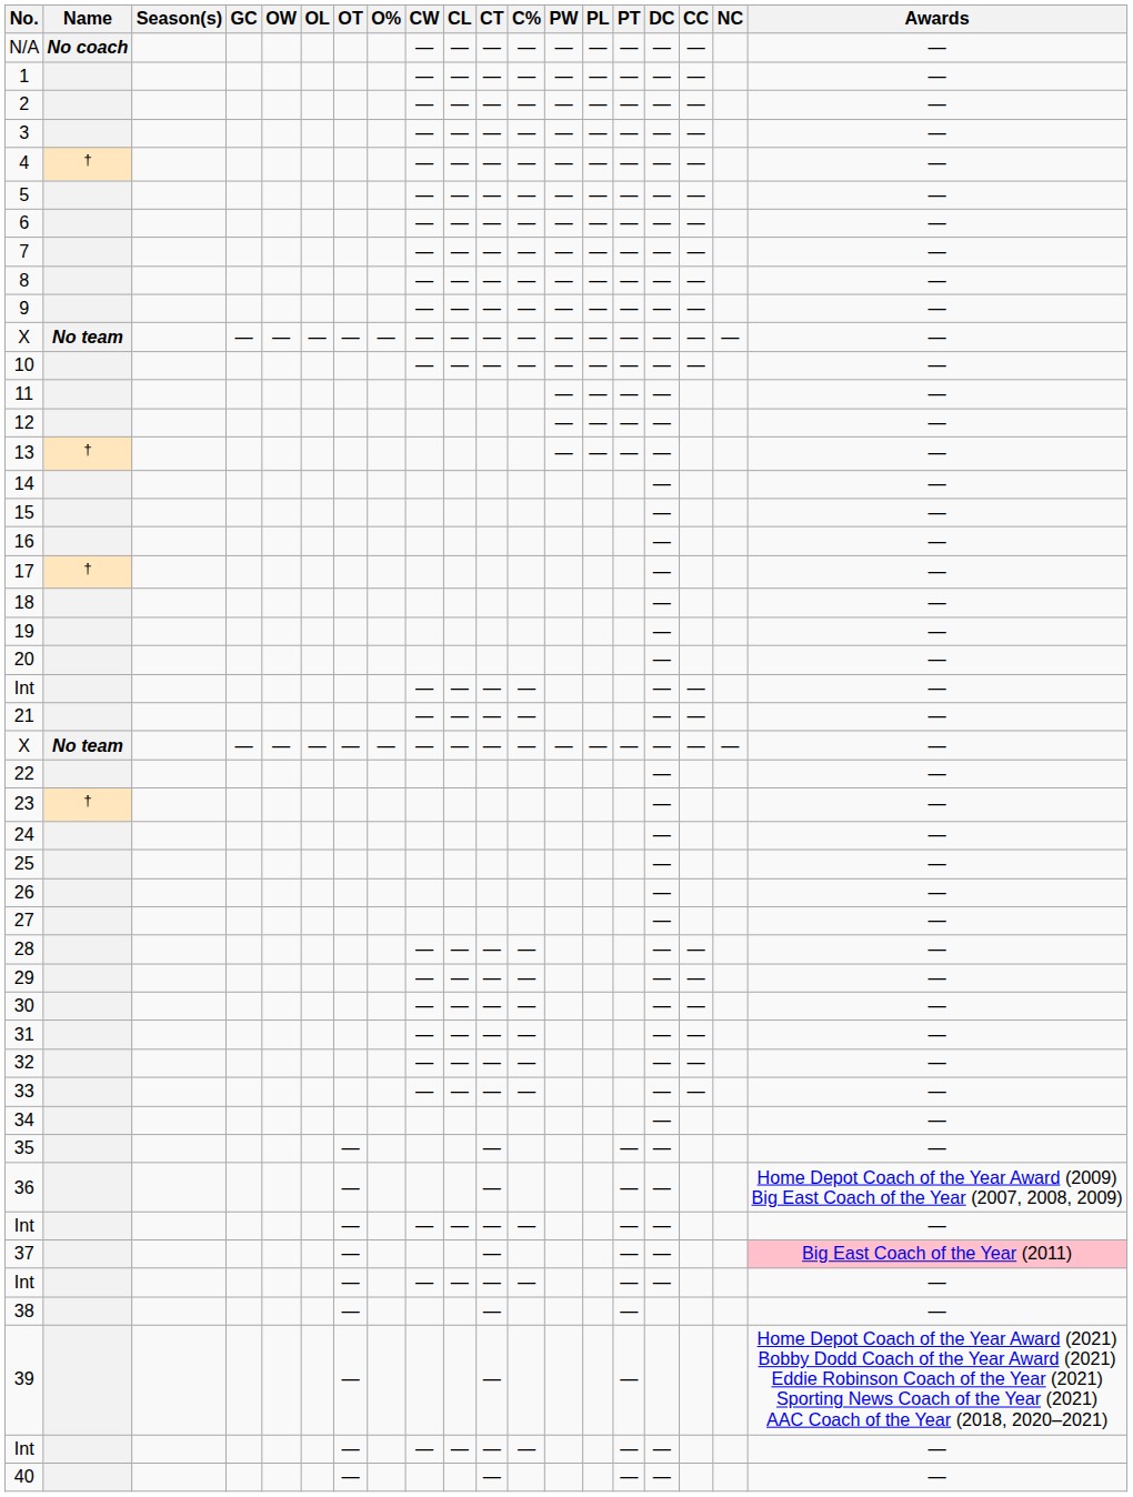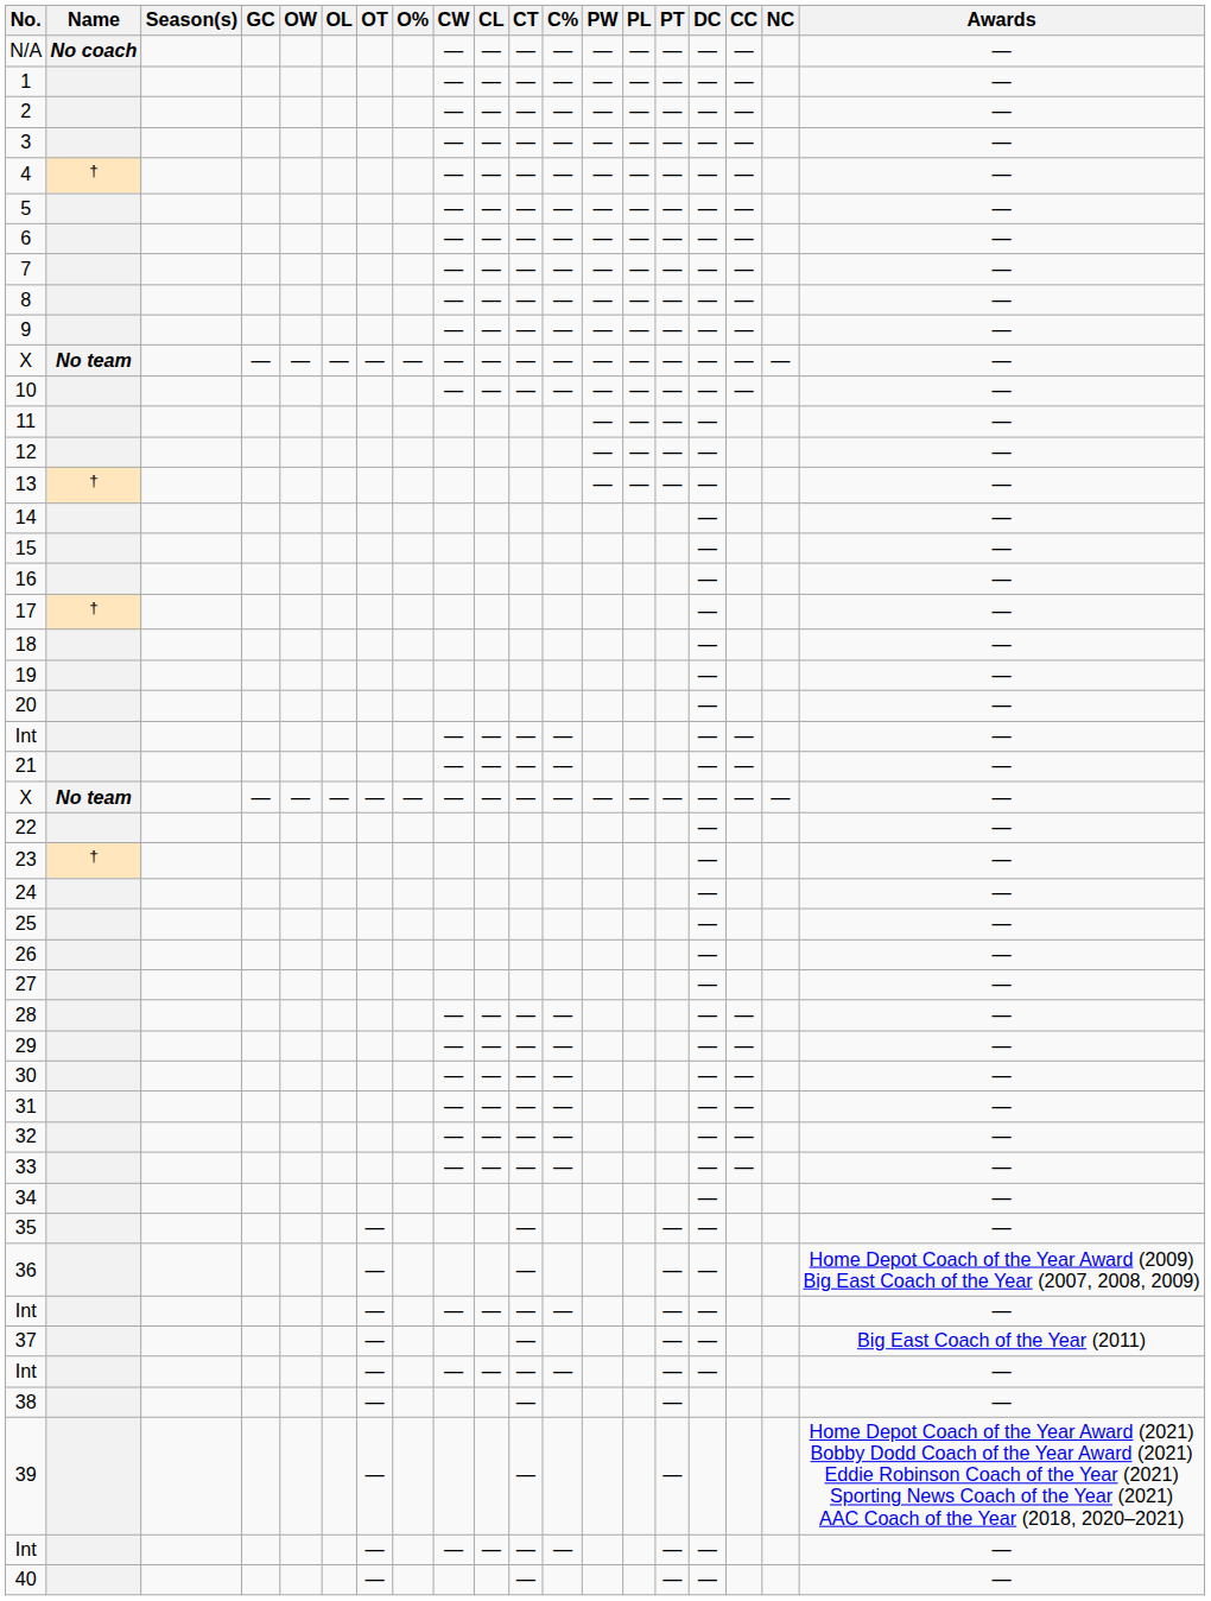 <table class="wikitable sortable" style="text-align:center">
 <tr>
 <th scope="col" class="unsortable">No.</th>
 <th scope="col">Name</th>
 <th scope="col">Season(s)</th>
 <th scope="col">GC</th>
 <th scope="col">OW</th>
 <th scope="col">OL</th>
 <th scope="col">OT</th>
 <th scope="col">O%</th>
 <th scope="col">CW</th>
 <th scope="col">CL</th>
 <th scope="col">CT</th>
 <th scope="col">C%</th>
 <th scope="col">PW</th>
 <th scope="col">PL</th>
 <th scope="col">PT</th>
 <th scope="col">DC</th>
 <th scope="col">CC</th>
 <th scope="col">NC</th>
 <th scope="col" class="unsortable">Awards</th>
 </tr>
 <tr>
 <td>N/A</td>
 <th scope="row"><em>No coach</em></th>
 <td></td>
 <td></td>
 <td></td>
 <td></td>
 <td></td>
 <td></td>
 <td>—</td>
 <td>—</td>
 <td>—</td>
 <td>—</td>
 <td>—</td>
 <td>—</td>
 <td>—</td>
 <td>—</td>
 <td>—</td>
 <td></td>
 <td>—</td>
 </tr>
 <tr>
 <td>1</td>
 <th scope="row"></th>
 <td></td>
 <td></td>
 <td></td>
 <td></td>
 <td></td>
 <td></td>
 <td>—</td>
 <td>—</td>
 <td>—</td>
 <td>—</td>
 <td>—</td>
 <td>—</td>
 <td>—</td>
 <td>—</td>
 <td>—</td>
 <td></td>
 <td>—</td>
 </tr>
 <tr>
 <td>2</td>
 <th scope="row"></th>
 <td></td>
 <td></td>
 <td></td>
 <td></td>
 <td></td>
 <td></td>
 <td>—</td>
 <td>—</td>
 <td>—</td>
 <td>—</td>
 <td>—</td>
 <td>—</td>
 <td>—</td>
 <td>—</td>
 <td>—</td>
 <td></td>
 <td>—</td>
 </tr>
 <tr>
 <td>3</td>
 <th scope="row"></th>
 <td></td>
 <td></td>
 <td></td>
 <td></td>
 <td></td>
 <td></td>
 <td>—</td>
 <td>—</td>
 <td>—</td>
 <td>—</td>
 <td>—</td>
 <td>—</td>
 <td>—</td>
 <td>—</td>
 <td>—</td>
 <td></td>
 <td>—</td>
 </tr>
 <tr>
 <td>4</td>
 <td scope="row" align="center" bgcolor=#FFE6BD><strong></strong><sup>†</sup></td>
 <td></td>
 <td></td>
 <td></td>
 <td></td>
 <td></td>
 <td></td>
 <td>—</td>
 <td>—</td>
 <td>—</td>
 <td>—</td>
 <td>—</td>
 <td>—</td>
 <td>—</td>
 <td>—</td>
 <td>—</td>
 <td></td>
 <td>—</td>
 </tr>
 <tr>
 <td>5</td>
 <th scope="row"></th>
 <td></td>
 <td></td>
 <td></td>
 <td></td>
 <td></td>
 <td></td>
 <td>—</td>
 <td>—</td>
 <td>—</td>
 <td>—</td>
 <td>—</td>
 <td>—</td>
 <td>—</td>
 <td>—</td>
 <td>—</td>
 <td></td>
 <td>—</td>
 </tr>
 <tr>
 <td>6</td>
 <th scope="row"></th>
 <td></td>
 <td></td>
 <td></td>
 <td></td>
 <td></td>
 <td></td>
 <td>—</td>
 <td>—</td>
 <td>—</td>
 <td>—</td>
 <td>—</td>
 <td>—</td>
 <td>—</td>
 <td>—</td>
 <td>—</td>
 <td></td>
 <td>—</td>
 </tr>
 <tr>
 <td>7</td>
 <th scope="row"></th>
 <td></td>
 <td></td>
 <td></td>
 <td></td>
 <td></td>
 <td></td>
 <td>—</td>
 <td>—</td>
 <td>—</td>
 <td>—</td>
 <td>—</td>
 <td>—</td>
 <td>—</td>
 <td>—</td>
 <td>—</td>
 <td></td>
 <td>—</td>
 </tr>
 <tr>
 <td>8</td>
 <th scope="row"></th>
 <td></td>
 <td></td>
 <td></td>
 <td></td>
 <td></td>
 <td></td>
 <td>—</td>
 <td>—</td>
 <td>—</td>
 <td>—</td>
 <td>—</td>
 <td>—</td>
 <td>—</td>
 <td>—</td>
 <td>—</td>
 <td></td>
 <td>—</td>
 </tr>
 <tr>
 <td>9</td>
 <th scope="row"></th>
 <td></td>
 <td></td>
 <td></td>
 <td></td>
 <td></td>
 <td></td>
 <td>—</td>
 <td>—</td>
 <td>—</td>
 <td>—</td>
 <td>—</td>
 <td>—</td>
 <td>—</td>
 <td>—</td>
 <td>—</td>
 <td></td>
 <td>—</td>
 </tr>
 <tr>
 <td> X</td>
 <th scope="row"><em>No team</em></th>
 <td></td>
 <td>—</td>
 <td>—</td>
 <td>—</td>
 <td>—</td>
 <td>—</td>
 <td>—</td>
 <td>—</td>
 <td>—</td>
 <td>—</td>
 <td>—</td>
 <td>—</td>
 <td>—</td>
 <td>—</td>
 <td>—</td>
 <td>—</td>
 <td>—</td>
 </tr>
 <tr>
 <td>10</td>
 <th scope="row"></th>
 <td></td>
 <td></td>
 <td></td>
 <td></td>
 <td></td>
 <td></td>
 <td>—</td>
 <td>—</td>
 <td>—</td>
 <td>—</td>
 <td>—</td>
 <td>—</td>
 <td>—</td>
 <td>—</td>
 <td>—</td>
 <td></td>
 <td>—</td>
 </tr>
 <tr>
 <td>11</td>
 <th scope="row"></th>
 <td></td>
 <td></td>
 <td></td>
 <td></td>
 <td></td>
 <td></td>
 <td></td>
 <td></td>
 <td></td>
 <td></td>
 <td>—</td>
 <td>—</td>
 <td>—</td>
 <td>—</td>
 <td></td>
 <td></td>
 <td>—</td>
 </tr>
 <tr>
 <td>12</td>
 <th scope="row"></th>
 <td></td>
 <td></td>
 <td></td>
 <td></td>
 <td></td>
 <td></td>
 <td></td>
 <td></td>
 <td></td>
 <td></td>
 <td>—</td>
 <td>—</td>
 <td>—</td>
 <td>—</td>
 <td></td>
 <td></td>
 <td>—</td>
 </tr>
 <tr>
 <td>13</td>
 <td scope="row" align="center" bgcolor=#FFE6BD><strong></strong><sup>†</sup></td>
 <td></td>
 <td></td>
 <td></td>
 <td></td>
 <td></td>
 <td></td>
 <td></td>
 <td></td>
 <td></td>
 <td></td>
 <td>—</td>
 <td>—</td>
 <td>—</td>
 <td>—</td>
 <td></td>
 <td></td>
 <td>—</td>
 </tr>
 <tr>
 <td>14</td>
 <th scope="row"></th>
 <td></td>
 <td></td>
 <td></td>
 <td></td>
 <td></td>
 <td></td>
 <td></td>
 <td></td>
 <td></td>
 <td></td>
 <td></td>
 <td></td>
 <td></td>
 <td>—</td>
 <td></td>
 <td></td>
 <td>—</td>
 </tr>
 <tr>
 <td>15</td>
 <th scope="row"></th>
 <td></td>
 <td></td>
 <td></td>
 <td></td>
 <td></td>
 <td></td>
 <td></td>
 <td></td>
 <td></td>
 <td></td>
 <td></td>
 <td></td>
 <td></td>
 <td>—</td>
 <td></td>
 <td></td>
 <td>—</td>
 </tr>
 <tr>
 <td>16</td>
 <th scope="row"></th>
 <td></td>
 <td></td>
 <td></td>
 <td></td>
 <td></td>
 <td></td>
 <td></td>
 <td></td>
 <td></td>
 <td></td>
 <td></td>
 <td></td>
 <td></td>
 <td>—</td>
 <td></td>
 <td></td>
 <td>—</td>
 </tr>
 <tr>
 <td>17</td>
 <td scope="row" align="center" bgcolor=#FFE6BD><strong></strong><sup>†</sup></td>
 <td></td>
 <td></td>
 <td></td>
 <td></td>
 <td></td>
 <td></td>
 <td></td>
 <td></td>
 <td></td>
 <td></td>
 <td></td>
 <td></td>
 <td></td>
 <td>—</td>
 <td></td>
 <td></td>
 <td>—</td>
 </tr>
 <tr>
 <td>18</td>
 <th scope="row"></th>
 <td></td>
 <td></td>
 <td></td>
 <td></td>
 <td></td>
 <td></td>
 <td></td>
 <td></td>
 <td></td>
 <td></td>
 <td></td>
 <td></td>
 <td></td>
 <td>—</td>
 <td></td>
 <td></td>
 <td>—</td>
 </tr>
 <tr>
 <td>19</td>
 <th scope="row"></th>
 <td></td>
 <td></td>
 <td></td>
 <td></td>
 <td></td>
 <td></td>
 <td></td>
 <td></td>
 <td></td>
 <td></td>
 <td></td>
 <td></td>
 <td></td>
 <td>—</td>
 <td></td>
 <td></td>
 <td>—</td>
 </tr>
 <tr>
 <td>20</td>
 <th scope="row"></th>
 <td></td>
 <td></td>
 <td></td>
 <td></td>
 <td></td>
 <td></td>
 <td></td>
 <td></td>
 <td></td>
 <td></td>
 <td></td>
 <td></td>
 <td></td>
 <td>—</td>
 <td></td>
 <td></td>
 <td>—</td>
 </tr>
 <tr>
 <td>Int</td>
 <th scope="row"></th>
 <td></td>
 <td></td>
 <td></td>
 <td></td>
 <td></td>
 <td></td>
 <td>—</td>
 <td>—</td>
 <td>—</td>
 <td>—</td>
 <td></td>
 <td></td>
 <td></td>
 <td>—</td>
 <td>—</td>
 <td></td>
 <td>—</td>
 </tr>
 <tr>
 <td>21</td>
 <th scope="row"></th>
 <td></td>
 <td></td>
 <td></td>
 <td></td>
 <td></td>
 <td></td>
 <td>—</td>
 <td>—</td>
 <td>—</td>
 <td>—</td>
 <td></td>
 <td></td>
 <td></td>
 <td>—</td>
 <td>—</td>
 <td></td>
 <td>—</td>
 </tr>
 <tr>
 <td> X</td>
 <th scope="row"><em>No team</em></th>
 <td></td>
 <td>—</td>
 <td>—</td>
 <td>—</td>
 <td>—</td>
 <td>—</td>
 <td>—</td>
 <td>—</td>
 <td>—</td>
 <td>—</td>
 <td>—</td>
 <td>—</td>
 <td>—</td>
 <td>—</td>
 <td>—</td>
 <td>—</td>
 <td>—</td>
 </tr>
 <tr>
 <td>22</td>
 <th scope="row"></th>
 <td></td>
 <td></td>
 <td></td>
 <td></td>
 <td></td>
 <td></td>
 <td></td>
 <td></td>
 <td></td>
 <td></td>
 <td></td>
 <td></td>
 <td></td>
 <td>—</td>
 <td></td>
 <td></td>
 <td>—</td>
 </tr>
 <tr>
 <td>23</td>
 <td scope="row" align="center" bgcolor=#FFE6BD><strong></strong><sup>†</sup></td>
 <td></td>
 <td></td>
 <td></td>
 <td></td>
 <td></td>
 <td></td>
 <td></td>
 <td></td>
 <td></td>
 <td></td>
 <td></td>
 <td></td>
 <td></td>
 <td>—</td>
 <td></td>
 <td></td>
 <td>—</td>
 </tr>
 <tr>
 <td>24</td>
 <th scope="row"></th>
 <td></td>
 <td></td>
 <td></td>
 <td></td>
 <td></td>
 <td></td>
 <td></td>
 <td></td>
 <td></td>
 <td></td>
 <td></td>
 <td></td>
 <td></td>
 <td>—</td>
 <td></td>
 <td></td>
 <td>—</td>
 </tr>
 <tr>
 <td>25</td>
 <th scope="row"></th>
 <td></td>
 <td></td>
 <td></td>
 <td></td>
 <td></td>
 <td></td>
 <td></td>
 <td></td>
 <td></td>
 <td></td>
 <td></td>
 <td></td>
 <td></td>
 <td>—</td>
 <td></td>
 <td></td>
 <td>—</td>
 </tr>
 <tr>
 <td>26</td>
 <th scope="row"></th>
 <td></td>
 <td></td>
 <td></td>
 <td></td>
 <td></td>
 <td></td>
 <td></td>
 <td></td>
 <td></td>
 <td></td>
 <td></td>
 <td></td>
 <td></td>
 <td>—</td>
 <td></td>
 <td></td>
 <td>—</td>
 </tr>
 <tr>
 <td>27</td>
 <th scope="row"></th>
 <td></td>
 <td></td>
 <td></td>
 <td></td>
 <td></td>
 <td></td>
 <td></td>
 <td></td>
 <td></td>
 <td></td>
 <td></td>
 <td></td>
 <td></td>
 <td>—</td>
 <td></td>
 <td></td>
 <td>—</td>
 </tr>
 <tr>
 <td>28</td>
 <th scope="row"></th>
 <td></td>
 <td></td>
 <td></td>
 <td></td>
 <td></td>
 <td></td>
 <td>—</td>
 <td>—</td>
 <td>—</td>
 <td>—</td>
 <td></td>
 <td></td>
 <td></td>
 <td>—</td>
 <td>—</td>
 <td></td>
 <td>—</td>
 </tr>
 <tr>
 <td>29</td>
 <th scope="row"></th>
 <td></td>
 <td></td>
 <td></td>
 <td></td>
 <td></td>
 <td></td>
 <td>—</td>
 <td>—</td>
 <td>—</td>
 <td>—</td>
 <td></td>
 <td></td>
 <td></td>
 <td>—</td>
 <td>—</td>
 <td></td>
 <td>—</td>
 </tr>
 <tr>
 <td>30</td>
 <th scope="row"></th>
 <td></td>
 <td></td>
 <td></td>
 <td></td>
 <td></td>
 <td></td>
 <td>—</td>
 <td>—</td>
 <td>—</td>
 <td>—</td>
 <td></td>
 <td></td>
 <td></td>
 <td>—</td>
 <td>—</td>
 <td></td>
 <td>—</td>
 </tr>
 <tr>
 <td>31</td>
 <th scope="row"></th>
 <td></td>
 <td></td>
 <td></td>
 <td></td>
 <td></td>
 <td></td>
 <td>—</td>
 <td>—</td>
 <td>—</td>
 <td>—</td>
 <td></td>
 <td></td>
 <td></td>
 <td>—</td>
 <td>—</td>
 <td></td>
 <td>—</td>
 </tr>
 <tr>
 <td>32</td>
 <th scope="row"></th>
 <td></td>
 <td></td>
 <td></td>
 <td></td>
 <td></td>
 <td></td>
 <td>—</td>
 <td>—</td>
 <td>—</td>
 <td>—</td>
 <td></td>
 <td></td>
 <td></td>
 <td>—</td>
 <td>—</td>
 <td></td>
 <td>—</td>
 </tr>
 <tr>
 <td>33</td>
 <th scope="row"></th>
 <td></td>
 <td></td>
 <td></td>
 <td></td>
 <td></td>
 <td></td>
 <td>—</td>
 <td>—</td>
 <td>—</td>
 <td>—</td>
 <td></td>
 <td></td>
 <td></td>
 <td>—</td>
 <td>—</td>
 <td></td>
 <td>—</td>
 </tr>
 <tr>
 <td>34</td>
 <th scope="row"></th>
 <td></td>
 <td></td>
 <td></td>
 <td></td>
 <td></td>
 <td></td>
 <td></td>
 <td></td>
 <td></td>
 <td></td>
 <td></td>
 <td></td>
 <td></td>
 <td>—</td>
 <td></td>
 <td></td>
 <td>—</td>
 </tr>
 <tr>
 <td>35</td>
 <th scope="row"></th>
 <td></td>
 <td></td>
 <td></td>
 <td></td>
 <td>—</td>
 <td></td>
 <td></td>
 <td></td>
 <td>—</td>
 <td></td>
 <td></td>
 <td></td>
 <td>—</td>
 <td>—</td>
 <td></td>
 <td></td>
 <td>—</td>
 </tr>
 <tr>
 <td>36</td>
 <th scope="row"></th>
 <td></td>
 <td></td>
 <td></td>
 <td></td>
 <td>—</td>
 <td></td>
 <td></td>
 <td></td>
 <td>—</td>
 <td></td>
 <td></td>
 <td></td>
 <td>—</td>
 <td>—</td>
 <td></td>
 <td></td>
 <td><a href='#'>Home Depot Coach of the Year Award</a> (2009)<br><a href='#'>Big East Coach of the Year</a> (2007, 2008, 2009)</td>
 </tr>
 <tr>
 <td>Int</td>
 <th scope="row"></th>
 <td></td>
 <td></td>
 <td></td>
 <td></td>
 <td>—</td>
 <td></td>
 <td>—</td>
 <td>—</td>
 <td>—</td>
 <td>—</td>
 <td></td>
 <td></td>
 <td>—</td>
 <td>—</td>
 <td></td>
 <td></td>
 <td>—</td>
 </tr>
 <tr>
 <td>37</td>
 <th scope="row"></th>
 <td></td>
 <td></td>
 <td></td>
 <td></td>
 <td>—</td>
 <td></td>
 <td></td>
 <td></td>
 <td>—</td>
 <td></td>
 <td></td>
 <td></td>
 <td>—</td>
 <td>—</td>
 <td></td>
 <td></td>
-<td style="background: pink;"><a href='#'>Big East Coach of the Year</a> (2011)</td>
+<td><a href='#'>Big East Coach of the Year</a> (2011)</td>
 </tr>
 <tr>
 <td>Int</td>
 <th scope="row"></th>
 <td></td>
 <td></td>
 <td></td>
 <td></td>
 <td>—</td>
 <td></td>
 <td>—</td>
 <td>—</td>
 <td>—</td>
 <td>—</td>
 <td></td>
 <td></td>
 <td>—</td>
 <td>—</td>
 <td></td>
 <td></td>
 <td>—</td>
 </tr>
 <tr>
 <td>38</td>
 <th scope="row"></th>
 <td></td>
 <td></td>
 <td></td>
 <td></td>
 <td>—</td>
 <td></td>
 <td></td>
 <td></td>
 <td>—</td>
 <td></td>
 <td></td>
 <td></td>
 <td>—</td>
 <td></td>
 <td></td>
 <td></td>
 <td>—</td>
 </tr>
 <tr>
 <td>39</td>
 <th scope="row"></th>
 <td></td>
 <td></td>
 <td></td>
 <td></td>
 <td>—</td>
 <td></td>
 <td></td>
 <td></td>
 <td>—</td>
 <td></td>
 <td></td>
 <td></td>
 <td>—</td>
 <td></td>
 <td></td>
 <td></td>
 <td><a href='#'>Home Depot Coach of the Year Award</a> (2021) <br> <a href='#'>Bobby Dodd Coach of the Year Award</a> (2021) <br> <a href='#'>Eddie Robinson Coach of the Year</a> (2021) <br> <a href='#'>Sporting News Coach of the Year</a> (2021) <br> <a href='#'>AAC Coach of the Year</a> (2018, 2020–2021)</td>
 </tr>
 <tr>
 <td>Int</td>
 <th scope="row"></th>
 <td></td>
 <td></td>
 <td></td>
 <td></td>
 <td>—</td>
 <td></td>
 <td>—</td>
 <td>—</td>
 <td>—</td>
 <td>—</td>
 <td></td>
 <td></td>
 <td>—</td>
 <td>—</td>
 <td></td>
 <td></td>
 <td>—</td>
 </tr>
 <tr>
 <td>40</td>
 <th scope="row"></th>
 <td></td>
 <td></td>
 <td></td>
 <td></td>
 <td>—</td>
 <td></td>
 <td></td>
 <td></td>
 <td>—</td>
 <td></td>
 <td></td>
 <td></td>
 <td>—</td>
 <td>—</td>
 <td></td>
 <td></td>
 <td>—</td>
 </tr>
 </table>
